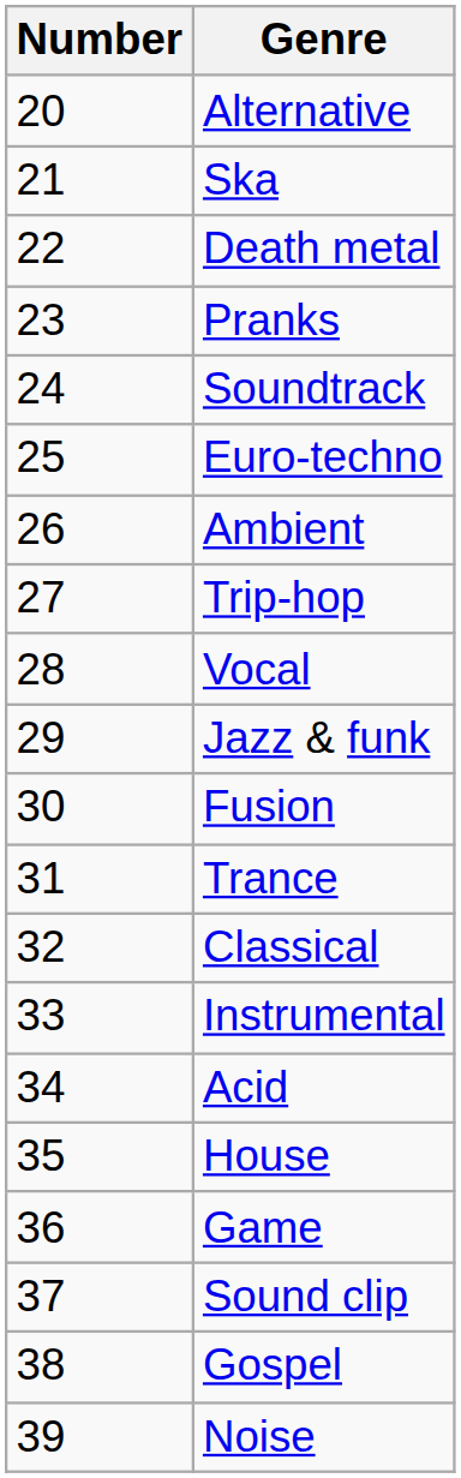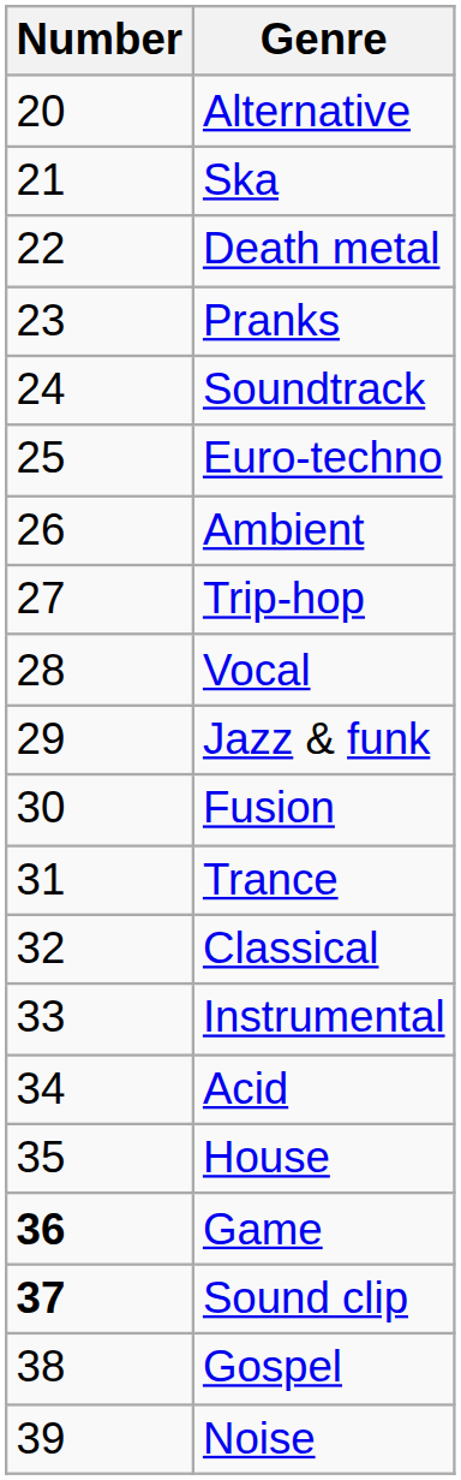 <table class="wikitable">
 <tr>
 <th>Number</th>
 <th>Genre</th>
 </tr>
 <tr>
 <td>20</td>
 <td><a href='#'>Alternative</a></td>
 </tr>
 <tr>
 <td>21</td>
 <td><a href='#'>Ska</a></td>
 </tr>
 <tr>
 <td>22</td>
 <td><a href='#'>Death metal</a></td>
 </tr>
 <tr>
 <td>23</td>
 <td><a href='#'>Pranks</a></td>
 </tr>
 <tr>
 <td>24</td>
 <td><a href='#'>Soundtrack</a></td>
 </tr>
 <tr>
 <td>25</td>
 <td><a href='#'>Euro-techno</a></td>
 </tr>
 <tr>
 <td>26</td>
 <td><a href='#'>Ambient</a></td>
 </tr>
 <tr>
 <td>27</td>
 <td><a href='#'>Trip-hop</a></td>
 </tr>
 <tr>
 <td>28</td>
 <td><a href='#'>Vocal</a></td>
 </tr>
 <tr>
 <td>29</td>
 <td><a href='#'>Jazz</a> & <a href='#'>funk</a></td>
 </tr>
 <tr>
 <td>30</td>
 <td><a href='#'>Fusion</a></td>
 </tr>
 <tr>
 <td>31</td>
 <td><a href='#'>Trance</a></td>
 </tr>
 <tr>
 <td>32</td>
 <td><a href='#'>Classical</a></td>
 </tr>
 <tr>
 <td>33</td>
 <td><a href='#'>Instrumental</a></td>
 </tr>
 <tr>
 <td>34</td>
 <td><a href='#'>Acid</a></td>
 </tr>
 <tr>
 <td>35</td>
 <td><a href='#'>House</a></td>
 </tr>
 <tr>
-<td>36</td>
+<td><strong>36</strong></td>
 <td><a href='#'>Game</a></td>
 </tr>
 <tr>
-<td>37</td>
+<td><strong>37</strong></td>
 <td><a href='#'>Sound clip</a></td>
 </tr>
 <tr>
 <td>38</td>
 <td><a href='#'>Gospel</a></td>
 </tr>
 <tr>
 <td>39</td>
 <td><a href='#'>Noise</a></td>
 </tr>
 </table>
